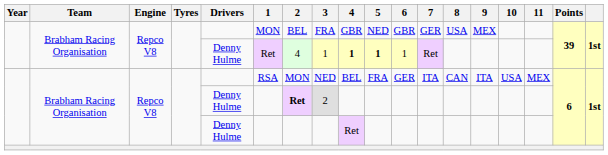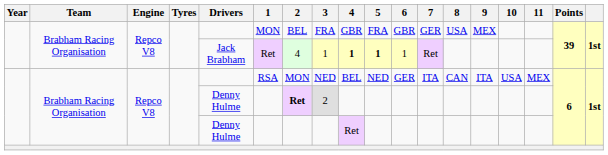 <table class="wikitable" style="text-align:center; font-size:95%">
 <tr>
 <th scope="col">Year</th>
 <th scope="col">Team</th>
 <th scope="col">Engine</th>
 <th scope="col">Tyres</th>
 <th scope="col">Drivers</th>
 <th scope="col">1</th>
 <th scope="col">2</th>
 <th scope="col">3</th>
 <th scope="col">4</th>
 <th scope="col">5</th>
 <th scope="col">6</th>
 <th scope="col">7</th>
 <th scope="col">8</th>
 <th scope="col">9</th>
 <th scope="col">10</th>
 <th scope="col">11</th>
 <th scope="col">Points</th>
 <th scope="col"></th>
 </tr>
 <tr>
 <td rowspan="2"></td>
 <td rowspan="2"><a href='#'>Brabham Racing Organisation</a></td>
 <td rowspan="2"><a href='#'>Repco</a> <a href='#'>V8</a></td>
 <td rowspan="2"></td>
 <td></td>
 <td><a href='#'>MON</a></td>
 <td><a href='#'>BEL</a></td>
 <td><a href='#'>FRA</a></td>
 <td><a href='#'>GBR</a></td>
-<td><a href='#'>NED</a></td>
+<td><a href='#'>FRA</a></td>
 <td><a href='#'>GBR</a></td>
 <td><a href='#'>GER</a></td>
 <td><a href='#'>USA</a></td>
 <td><a href='#'>MEX</a></td>
 <td></td>
 <td></td>
 <td rowspan="2" style="background:#FFFFBF;"><strong>39</strong></td>
 <td rowspan="2" style="background:#FFFFBF;"><strong>1st</strong></td>
 </tr>
 <tr>
-<td><a href='#'>Denny Hulme</a></td>
+<td><a href='#'>Jack Brabham</a></td>
 <td style="background:#EFCFFF;">Ret</td>
 <td style="background:#DFFFDF;">4</td>
 <td style="background:#FFFFBF;">1</td>
 <td style="background:#FFFFBF;"><strong>1</strong></td>
 <td style="background:#FFFFBF;"><strong>1</strong></td>
 <td style="background:#FFFFBF;">1</td>
 <td style="background:#EFCFFF;">Ret</td>
 <td></td>
 <td></td>
 <td></td>
 <td></td>
 </tr>
 <tr>
 <td rowspan="3"></td>
 <td rowspan="3"><a href='#'>Brabham Racing Organisation</a></td>
 <td rowspan="3"><a href='#'>Repco</a> <a href='#'>V8</a></td>
 <td rowspan="3"></td>
 <td></td>
 <td><a href='#'>RSA</a></td>
 <td><a href='#'>MON</a></td>
 <td><a href='#'>NED</a></td>
 <td><a href='#'>BEL</a></td>
-<td><a href='#'>FRA</a></td>
+<td><a href='#'>NED</a></td>
 <td><a href='#'>GER</a></td>
 <td><a href='#'>ITA</a></td>
 <td><a href='#'>CAN</a></td>
 <td><a href='#'>ITA</a></td>
 <td><a href='#'>USA</a></td>
 <td><a href='#'>MEX</a></td>
 <td rowspan="3" style="background:#FFFFBF;"><strong>6</strong></td>
 <td rowspan="3" style="background:#FFFFBF;"><strong>1st</strong></td>
 </tr>
 <tr>
 <td><a href='#'>Denny Hulme</a></td>
 <td></td>
 <td style="background:#EFCFFF;"><strong>Ret</strong></td>
 <td style="background:#DFDFDF;">2</td>
 <td></td>
 <td></td>
 <td></td>
 <td></td>
 <td></td>
 <td></td>
 <td></td>
 <td></td>
 </tr>
 <tr>
 <td><a href='#'>Denny Hulme</a></td>
 <td></td>
 <td></td>
 <td></td>
 <td style="background:#EFCFFF;">Ret</td>
 <td></td>
 <td></td>
 <td></td>
 <td></td>
 <td></td>
 <td></td>
 <td></td>
 </tr>
 <tr>
 <th colspan="19"></th>
 </tr>
 </table>
